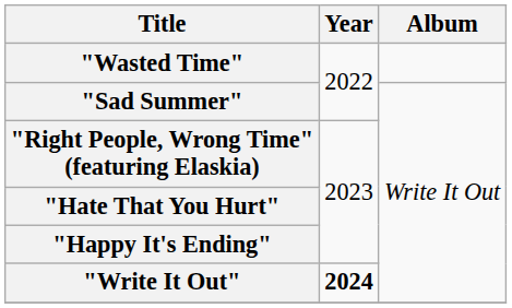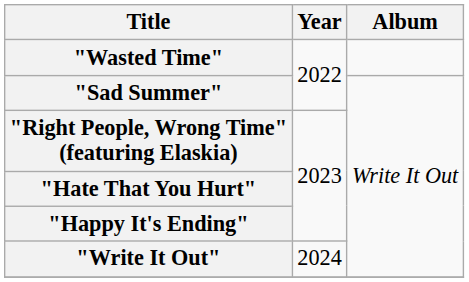 <table class="wikitable plainrowheaders" style="text-align:center;">
 <tr>
 <th scope="col">Title</th>
 <th scope="col">Year</th>
 <th scope="col">Album</th>
 </tr>
 <tr>
 <th scope="row">"Wasted Time"</th>
 <td rowspan="2">2022</td>
 <td></td>
 </tr>
 <tr>
 <th scope="row">"Sad Summer"</th>
 <td rowspan="5"><em>Write It Out</em></td>
 </tr>
 <tr>
 <th scope="row">"Right People, Wrong Time"<br>(featuring Elaskia)</th>
 <td rowspan="3">2023</td>
 </tr>
 <tr>
 <th scope="row">"Hate That You Hurt"</th>
 </tr>
 <tr>
 <th scope="row">"Happy It's Ending"</th>
 </tr>
 <tr>
 <th scope="row">"Write It Out"</th>
-<td rowspan="1"><strong>2024</strong></td>
+<td rowspan="1">2024</td>
 </tr>
 <tr>
 </tr>
 </table>
